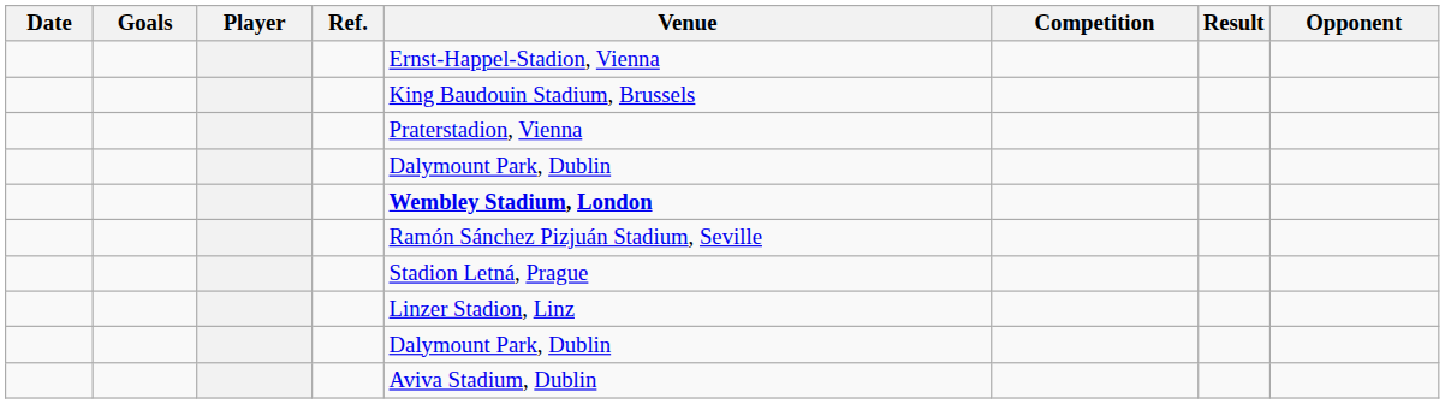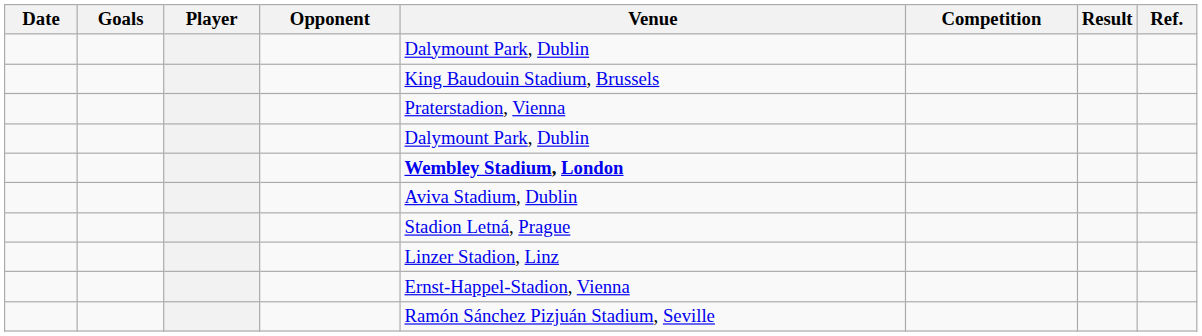 <table class="wikitable sortable plainrowheaders">
 <tr>
 <th scope=col>Date</th>
 <th scope=col>Goals</th>
 <th scope=col>Player</th>
-<th scope=col class="align: center; unsortable" width="5%">Ref.</th>
+<th scope=col>Opponent</th>
 <th scope=col>Venue</th>
 <th scope=col>Competition</th>
 <th scope=col class="align:center" width="5%">Result</th>
-<th scope=col>Opponent</th>
+<th scope=col class="align: center; unsortable" width="5%">Ref.</th>
 </tr>
 <tr>
 <td></td>
 <td></td>
 <th scope=row></th>
-<td align=center></td>
-<td><a href='#'>Ernst-Happel-Stadion</a>, <a href='#'>Vienna</a></td>
+<td></td>
+<td><a href='#'>Dalymount Park</a>, <a href='#'>Dublin</a></td>
 <td></td>
 <td data-sort-value="0301"></td>
-<td></td>
+<td align=center></td>
 </tr>
 <tr>
 <td></td>
 <td></td>
 <th scope=row></th>
-<td align=center></td>
+<td></td>
 <td><a href='#'>King Baudouin Stadium</a>, <a href='#'>Brussels</a></td>
 <td></td>
 <td data-sort-value="0501"></td>
-<td></td>
+<td align=center></td>
 </tr>
 <tr>
 <td></td>
 <td></td>
 <th scope=row></th>
-<td align=center></td>
+<td></td>
 <td><a href='#'>Praterstadion</a>, <a href='#'>Vienna</a></td>
 <td></td>
 <td data-sort-value="0600"></td>
-<td></td>
+<td align=center></td>
 </tr>
 <tr>
 <td></td>
 <td></td>
 <th scope=row></th>
-<td align=center></td>
+<td></td>
 <td><a href='#'>Dalymount Park</a>, <a href='#'>Dublin</a></td>
 <td></td>
 <td data-sort-value="0600"></td>
-<td></td>
+<td align=center></td>
 </tr>
 <tr>
 <td></td>
 <td></td>
 <th scope=row></th>
-<td align=center></td>
+<td></td>
 <td><strong><a href='#'>Wembley Stadium</a>, <a href='#'>London</a></strong></td>
 <td></td>
 <td data-sort-value="0501"></td>
-<td></td>
+<td align=center></td>
 </tr>
 <tr>
 <td></td>
 <td></td>
 <th scope=row></th>
-<td align=center></td>
-<td><a href='#'>Ramón Sánchez Pizjuán Stadium</a>, <a href='#'>Seville</a></td>
+<td></td>
+<td><a href='#'>Aviva Stadium</a>, <a href='#'>Dublin</a></td>
 <td></td>
 <td data-sort-value="0401"></td>
-<td></td>
+<td align=center></td>
 </tr>
 <tr>
 <td></td>
 <td></td>
 <th scope=row></th>
-<td align=center></td>
+<td></td>
 <td><a href='#'>Stadion Letná</a>, <a href='#'>Prague</a></td>
 <td></td>
 <td data-sort-value="0300"></td>
-<td></td>
+<td align=center></td>
 </tr>
 <tr>
 <td></td>
 <td></td>
 <th scope=row></th>
-<td align=center></td>
+<td></td>
 <td><a href='#'>Linzer Stadion</a>, <a href='#'>Linz</a></td>
 <td></td>
 <td data-sort-value="0600"></td>
-<td></td>
+<td align=center></td>
 </tr>
 <tr>
 <td></td>
 <td></td>
 <th scope=row></th>
-<td align=center></td>
-<td><a href='#'>Dalymount Park</a>, <a href='#'>Dublin</a></td>
+<td></td>
+<td><a href='#'>Ernst-Happel-Stadion</a>, <a href='#'>Vienna</a></td>
 <td></td>
 <td data-sort-value="0301"></td>
-<td></td>
+<td align=center></td>
 </tr>
 <tr>
 <td></td>
 <td></td>
 <th scope=row></th>
-<td align=center></td>
-<td><a href='#'>Aviva Stadium</a>, <a href='#'>Dublin</a></td>
+<td></td>
+<td><a href='#'>Ramón Sánchez Pizjuán Stadium</a>, <a href='#'>Seville</a></td>
 <td></td>
 <td data-sort-value="0501"></td>
-<td></td>
+<td align=center></td>
 </tr>
 </table>
